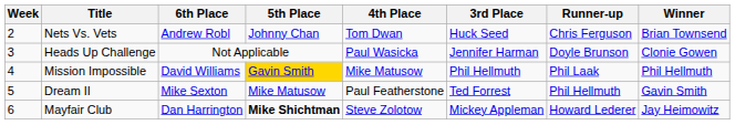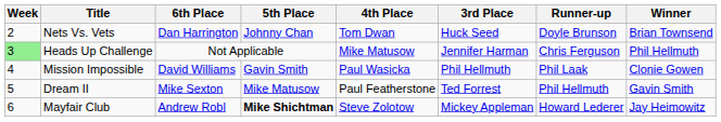 <table class="wikitable" >
 <tr>
 <th>Week</th>
 <th>Title</th>
 <th>6th Place</th>
 <th>5th Place</th>
 <th>4th Place</th>
 <th>3rd Place</th>
 <th>Runner-up</th>
 <th>Winner</th>
 </tr>
 <tr>
 <td>2</td>
 <td>Nets Vs. Vets</td>
-<td><a href='#'>Andrew Robl</a></td>
+<td><a href='#'>Dan Harrington</a></td>
 <td><a href='#'>Johnny Chan</a></td>
 <td><a href='#'>Tom Dwan</a></td>
 <td><a href='#'>Huck Seed</a></td>
-<td><a href='#'>Chris Ferguson</a></td>
+<td><a href='#'>Doyle Brunson</a></td>
 <td><a href='#'>Brian Townsend</a></td>
 </tr>
 <tr>
-<td>3</td>
+<td style="background: lightgreen;">3</td>
 <td>Heads Up Challenge</td>
 <td colspan="2" style="text-align: center;">Not Applicable</td>
-<td><a href='#'>Paul Wasicka</a></td>
+<td><a href='#'>Mike Matusow</a></td>
 <td><a href='#'>Jennifer Harman</a></td>
-<td><a href='#'>Doyle Brunson</a></td>
-<td><a href='#'>Clonie Gowen</a></td>
+<td><a href='#'>Chris Ferguson</a></td>
+<td><a href='#'>Phil Hellmuth</a></td>
 </tr>
 <tr>
 <td>4</td>
 <td>Mission Impossible</td>
 <td><a href='#'>David Williams</a></td>
-<td style="background: gold;"><a href='#'>Gavin Smith</a></td>
-<td><a href='#'>Mike Matusow</a></td>
+<td><a href='#'>Gavin Smith</a></td>
+<td><a href='#'>Paul Wasicka</a></td>
 <td><a href='#'>Phil Hellmuth</a></td>
 <td><a href='#'>Phil Laak</a></td>
-<td><a href='#'>Phil Hellmuth</a></td>
+<td><a href='#'>Clonie Gowen</a></td>
 </tr>
 <tr>
 <td>5</td>
 <td>Dream II</td>
 <td><a href='#'>Mike Sexton</a></td>
 <td><a href='#'>Mike Matusow</a></td>
 <td>Paul Featherstone</td>
 <td><a href='#'>Ted Forrest</a></td>
 <td><a href='#'>Phil Hellmuth</a></td>
 <td><a href='#'>Gavin Smith</a></td>
 </tr>
 <tr>
 <td>6</td>
 <td>Mayfair Club</td>
-<td><a href='#'>Dan Harrington</a></td>
+<td><a href='#'>Andrew Robl</a></td>
 <td><strong>Mike Shichtman</strong></td>
 <td><a href='#'>Steve Zolotow</a></td>
 <td><a href='#'>Mickey Appleman</a></td>
 <td><a href='#'>Howard Lederer</a></td>
 <td><a href='#'>Jay Heimowitz</a></td>
 </tr>
 </table>
